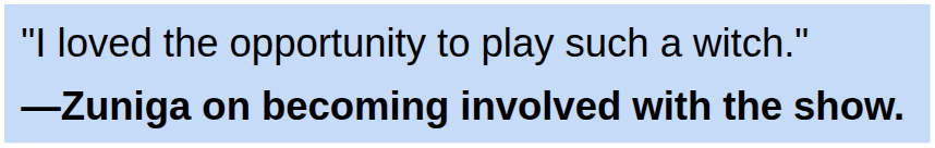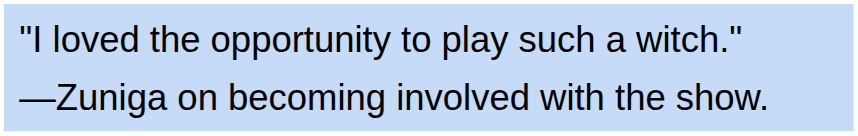 <table class="toccolours" style="float: left; margin-right: 1em; margin-left: 2em; font-size: 95%; background:#c6dbf7; color:black; width:25em; max-width: 40%;" cellspacing="5">
 <tr>
 <td style="text-align: left;">"I loved the opportunity to play such a witch."</td>
 </tr>
 <tr>
-<td style="text-align: left;"><strong>—Zuniga on becoming involved with the show.</strong></td>
+<td style="text-align: left;">—Zuniga on becoming involved with the show.</td>
 </tr>
 </table>
